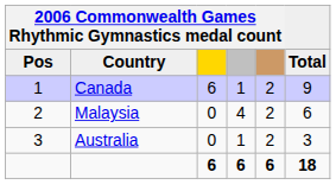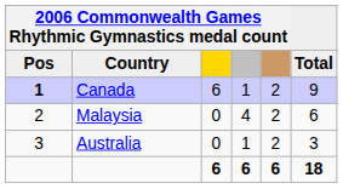 <table class="wikitable" style="text-align:center">
 <tr bgcolor="#efefef">
 <th colspan=5 style="border-right:0px;";><a href='#'>2006 Commonwealth Games</a> <br> Rhythmic Gymnastics medal count</th>
 <td style="border-left:0px";></td>
 </tr>
 <tr bgcolor="#efefef">
 <td><strong>Pos</strong></td>
 <td><strong>Country</strong></td>
 <td bgcolor="gold"></td>
 <td bgcolor="silver"></td>
 <td bgcolor="CC9966"></td>
 <td><strong>Total</strong></td>
 </tr>
 <tr style="background:#ccccff">
-<td>1</td>
+<td><strong>1</strong></td>
 <td style="text-align:left"> <a href='#'>Canada</a></td>
 <td>6</td>
 <td>1</td>
 <td>2</td>
 <td>9</td>
 </tr>
 <tr>
 <td>2</td>
 <td style="text-align:left"> <a href='#'>Malaysia</a></td>
 <td>0</td>
 <td>4</td>
 <td>2</td>
 <td>6</td>
 </tr>
 <tr>
 <td>3</td>
 <td style="text-align:left"> <a href='#'>Australia</a></td>
 <td>0</td>
 <td>1</td>
 <td>2</td>
 <td>3</td>
 </tr>
 <tr>
 <td></td>
 <td></td>
 <td><strong>6</strong></td>
 <td><strong>6</strong></td>
 <td><strong>6</strong></td>
 <td><strong>18</strong></td>
 </tr>
 </table>
